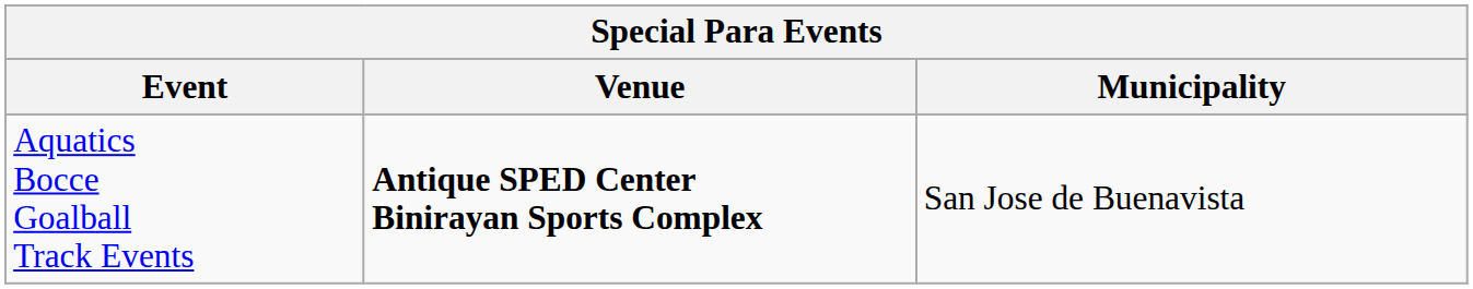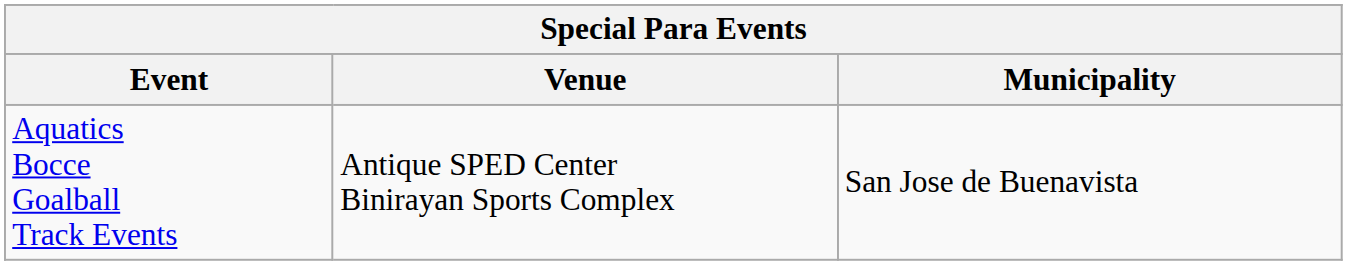 <table class="wikitable">
 <tr>
 <th colspan=5>Special Para Events</th>
 </tr>
 <tr>
 <th style="width:160px;">Event</th>
 <th style="width:250px;">Venue</th>
 <th style="width:250px;">Municipality</th>
 </tr>
 <tr>
 <td> <a href='#'>Aquatics</a> <br>   <a href='#'>Bocce</a> <br>   <a href='#'>Goalball</a> <br>  <a href='#'>Track Events</a></td>
-<td><strong>Antique SPED Center <br> Binirayan Sports Complex</strong></td>
+<td>Antique SPED Center <br> Binirayan Sports Complex</td>
 <td>San Jose de Buenavista</td>
 </tr>
 </table>
